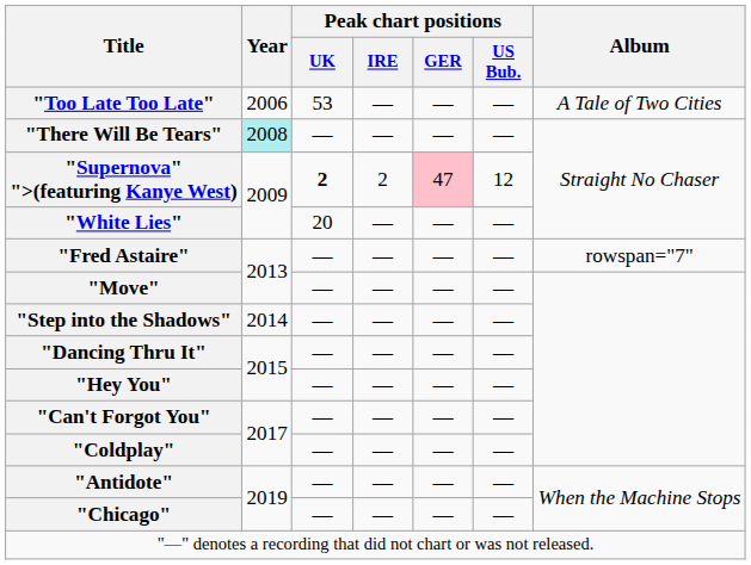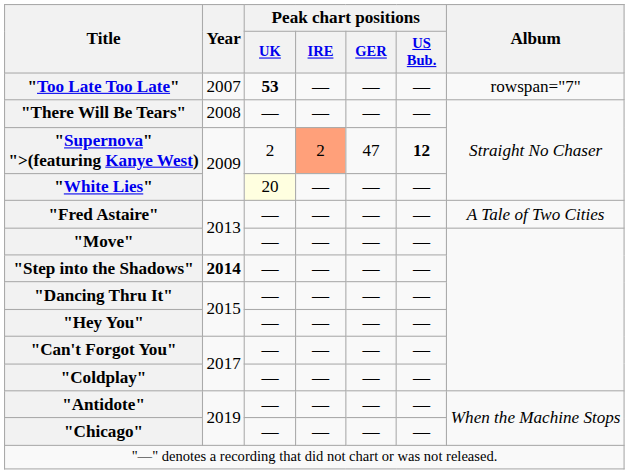 <table class="wikitable plainrowheaders" style="text-align:center;">
 <tr>
 <th scope="col" rowspan="2">Title</th>
 <th scope="col" rowspan="2">Year</th>
 <th scope="col" colspan="4">Peak chart positions</th>
 <th scope="col" rowspan="2">Album</th>
 </tr>
 <tr>
 <th scope="col" style="width:3em;font-size:85%;"><a href='#'>UK</a><br></th>
 <th scope="col" style="width:3em;font-size:85%;"><a href='#'>IRE</a><br></th>
 <th scope="col" style="width:3em;font-size:85%;"><a href='#'>GER</a><br></th>
 <th scope="col" style="width:3em;font-size:85%;"><a href='#'>US<br>Bub.</a><br></th>
 </tr>
 <tr>
 <th scope="row">"<a href='#'>Too Late Too Late</a>"</th>
-<td>2006</td>
-<td>53</td>
+<td>2007</td>
+<td><strong>53</strong></td>
 <td>—</td>
 <td>—</td>
 <td>—</td>
-<td><em>A Tale of Two Cities</em></td>
+<td>rowspan="7" </td>
 </tr>
 <tr>
 <th scope="row">"There Will Be Tears"</th>
-<td style="background: paleturquoise;">2008</td>
+<td>2008</td>
 <td>—</td>
 <td>—</td>
 <td>—</td>
 <td>—</td>
 <td rowspan="3"><em>Straight No Chaser</em></td>
 </tr>
 <tr>
 <th scope="row">"<a href='#'>Supernova</a>"<br><span>">(featuring <a href='#'>Kanye West</a>)</span></th>
 <td rowspan="2">2009</td>
-<td><strong>2</strong></td>
 <td>2</td>
-<td style="background: pink;">47</td>
-<td>12</td>
+<td style="background: lightsalmon;">2</td>
+<td>47</td>
+<td><strong>12</strong></td>
 </tr>
 <tr>
 <th scope="row">"<a href='#'>White Lies</a>"</th>
-<td>20</td>
+<td style="background: lightyellow;">20</td>
 <td>—</td>
 <td>—</td>
 <td>—</td>
 </tr>
 <tr>
 <th scope="row">"Fred Astaire"</th>
 <td rowspan="2">2013</td>
 <td>—</td>
 <td>—</td>
 <td>—</td>
 <td>—</td>
-<td>rowspan="7" </td>
+<td><em>A Tale of Two Cities</em></td>
 </tr>
 <tr>
 <th scope="row">"Move"</th>
 <td>—</td>
 <td>—</td>
 <td>—</td>
 <td>—</td>
 </tr>
 <tr>
 <th scope="row">"Step into the Shadows"<br></th>
-<td>2014</td>
+<td><strong>2014</strong></td>
 <td>—</td>
 <td>—</td>
 <td>—</td>
 <td>—</td>
 </tr>
 <tr>
 <th scope="row">"Dancing Thru It"</th>
 <td rowspan="2">2015</td>
 <td>—</td>
 <td>—</td>
 <td>—</td>
 <td>—</td>
 </tr>
 <tr>
 <th scope="row">"Hey You"</th>
 <td>—</td>
 <td>—</td>
 <td>—</td>
 <td>—</td>
 </tr>
 <tr>
 <th scope="row">"Can't Forgot You"</th>
 <td rowspan="2">2017</td>
 <td>—</td>
 <td>—</td>
 <td>—</td>
 <td>—</td>
 </tr>
 <tr>
 <th scope="row">"Coldplay"<br></th>
 <td>—</td>
 <td>—</td>
 <td>—</td>
 <td>—</td>
 </tr>
 <tr>
 <th scope="row">"Antidote"</th>
 <td rowspan="2">2019</td>
 <td>—</td>
 <td>—</td>
 <td>—</td>
 <td>—</td>
 <td rowspan="2"><em>When the Machine Stops</em></td>
 </tr>
 <tr>
 <th scope="row">"Chicago"<br></th>
 <td>—</td>
 <td>—</td>
 <td>—</td>
 <td>—</td>
 </tr>
 <tr>
 <td colspan="18" style="font-size:85%">"—" denotes a recording that did not chart or was not released.</td>
 </tr>
 </table>
